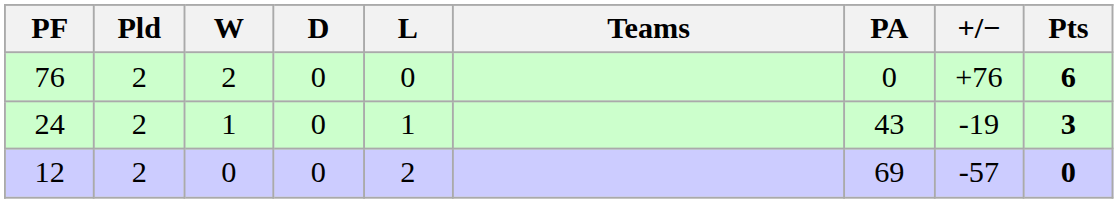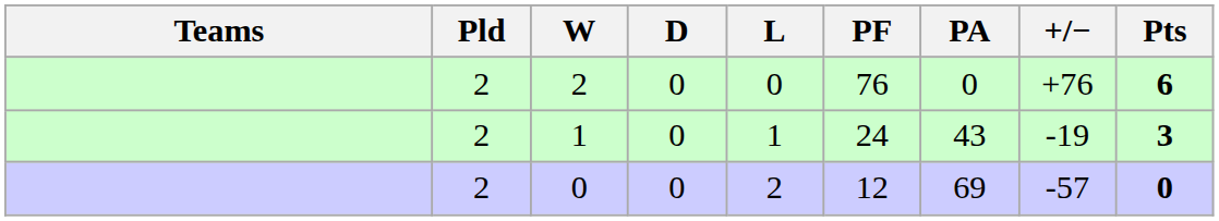 <table class="wikitable" style="text-align:center;">
 <tr>
-<th width="40">PF</th>
+<th width="200">Teams</th>
 <th width="40">Pld</th>
 <th width="40">W</th>
 <th width="40">D</th>
 <th width="40">L</th>
-<th width="200">Teams</th>
+<th width="40">PF</th>
 <th width="40">PA</th>
 <th width="40">+/−</th>
 <th width="40">Pts</th>
 </tr>
 <tr bgcolor=ccffcc>
-<td>76</td>
+<td align=left></td>
 <td>2</td>
 <td>2</td>
 <td>0</td>
 <td>0</td>
-<td align=left></td>
+<td>76</td>
 <td>0</td>
 <td>+76</td>
 <td><strong>6</strong></td>
 </tr>
 <tr bgcolor=ccffcc>
-<td>24</td>
+<td align=left></td>
 <td>2</td>
 <td>1</td>
 <td>0</td>
 <td>1</td>
-<td align=left></td>
+<td>24</td>
 <td>43</td>
 <td>-19</td>
 <td><strong>3</strong></td>
 </tr>
 <tr bgcolor=ccccff>
-<td>12</td>
+<td align=left></td>
 <td>2</td>
 <td>0</td>
 <td>0</td>
 <td>2</td>
-<td align=left></td>
+<td>12</td>
 <td>69</td>
 <td>-57</td>
 <td><strong>0</strong></td>
 </tr>
 </table>
